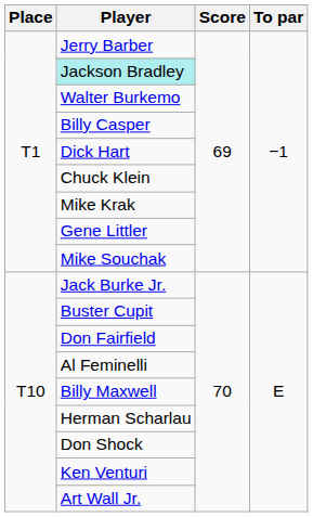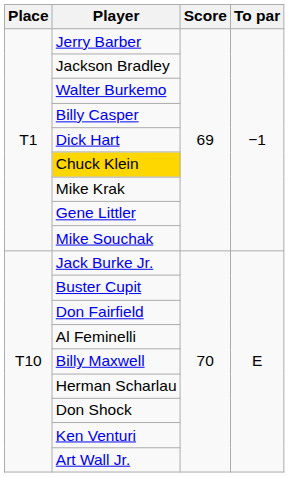 <table class=wikitable>
 <tr>
 <th>Place</th>
 <th>Player</th>
 <th>Score</th>
 <th>To par</th>
 </tr>
 <tr>
 <td rowspan=9 align=center>T1</td>
 <td> <a href='#'>Jerry Barber</a></td>
 <td rowspan=9 align=center>69</td>
 <td rowspan=9 align=center>−1</td>
 </tr>
 <tr>
-<td style="background: paleturquoise;"> Jackson Bradley</td>
+<td> Jackson Bradley</td>
 </tr>
 <tr>
 <td> <a href='#'>Walter Burkemo</a></td>
 </tr>
 <tr>
 <td> <a href='#'>Billy Casper</a></td>
 </tr>
 <tr>
 <td> <a href='#'>Dick Hart</a></td>
 </tr>
 <tr>
-<td> Chuck Klein</td>
+<td style="background: gold;"> Chuck Klein</td>
 </tr>
 <tr>
 <td> Mike Krak</td>
 </tr>
 <tr>
 <td> <a href='#'>Gene Littler</a></td>
 </tr>
 <tr>
 <td> <a href='#'>Mike Souchak</a></td>
 </tr>
 <tr>
 <td rowspan=9 align=center>T10</td>
 <td> <a href='#'>Jack Burke Jr.</a></td>
 <td rowspan=9 align=center>70</td>
 <td rowspan=9 align=center>E</td>
 </tr>
 <tr>
 <td> <a href='#'>Buster Cupit</a></td>
 </tr>
 <tr>
 <td> <a href='#'>Don Fairfield</a></td>
 </tr>
 <tr>
 <td> Al Feminelli</td>
 </tr>
 <tr>
 <td> <a href='#'>Billy Maxwell</a></td>
 </tr>
 <tr>
 <td> Herman Scharlau</td>
 </tr>
 <tr>
 <td> Don Shock</td>
 </tr>
 <tr>
 <td> <a href='#'>Ken Venturi</a></td>
 </tr>
 <tr>
 <td> <a href='#'>Art Wall Jr.</a></td>
 </tr>
 </table>
